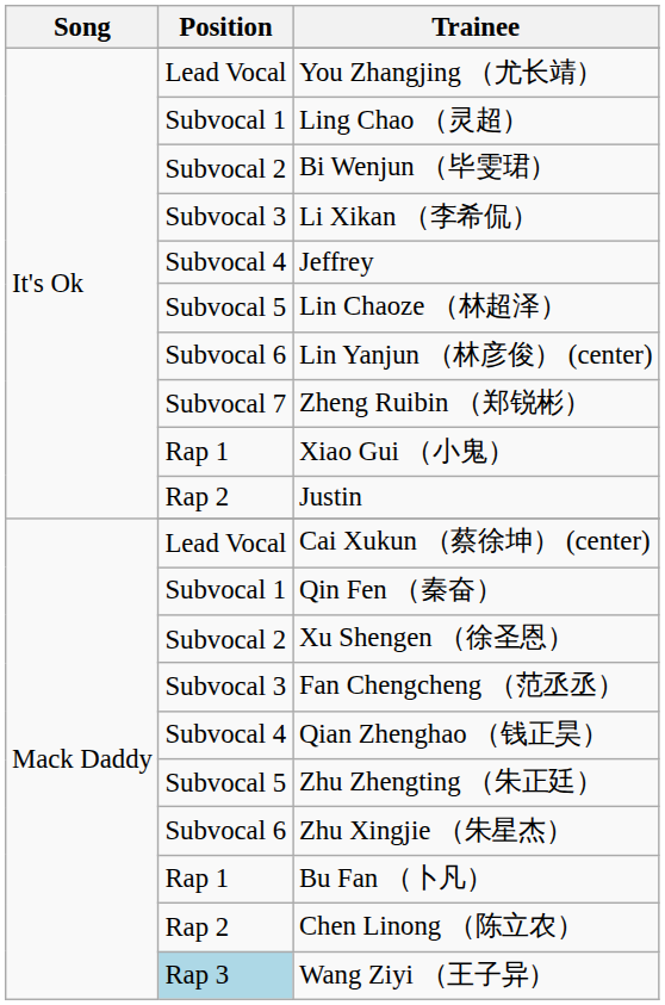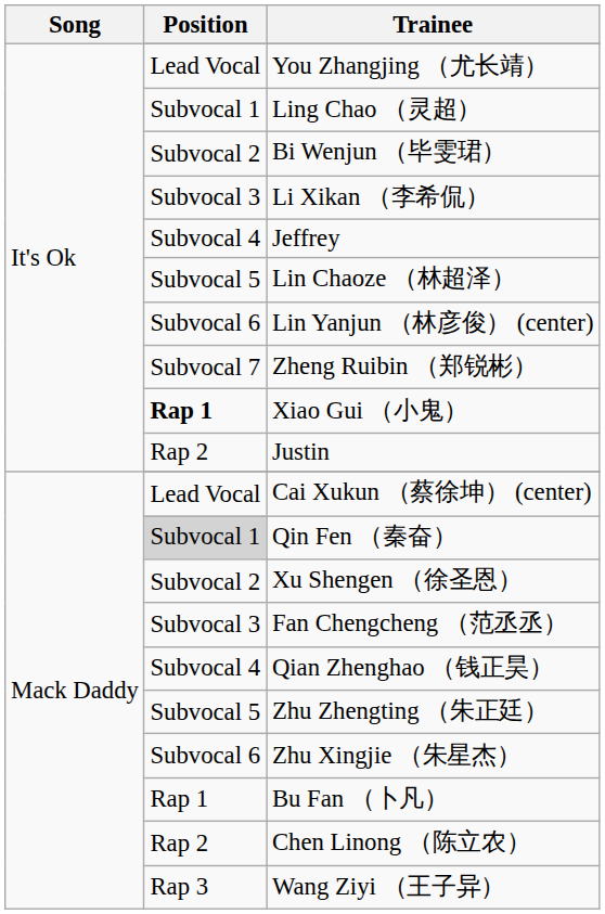 <table class="wikitable">
 <tr>
 <th>Song</th>
 <th>Position</th>
 <th>Trainee</th>
 </tr>
 <tr>
 <td rowspan="11">It's Ok</td>
 </tr>
 <tr>
 <td>Lead Vocal</td>
 <td>You Zhangjing （尤长靖）</td>
 </tr>
 <tr>
 <td>Subvocal 1</td>
 <td>Ling Chao （灵超）</td>
 </tr>
 <tr>
 <td>Subvocal 2</td>
 <td>Bi Wenjun （毕雯珺）</td>
 </tr>
 <tr>
 <td>Subvocal 3</td>
 <td>Li Xikan （李希侃）</td>
 </tr>
 <tr>
 <td>Subvocal 4</td>
 <td>Jeffrey</td>
 </tr>
 <tr>
 <td>Subvocal 5</td>
 <td>Lin Chaoze （林超泽）</td>
 </tr>
 <tr>
 <td>Subvocal 6</td>
 <td>Lin Yanjun （林彦俊） (center)</td>
 </tr>
 <tr>
 <td>Subvocal 7</td>
 <td>Zheng Ruibin （郑锐彬）</td>
 </tr>
 <tr>
-<td>Rap 1</td>
+<td><strong>Rap 1</strong></td>
 <td>Xiao Gui （小鬼）</td>
 </tr>
 <tr>
 <td>Rap 2</td>
 <td>Justin</td>
 </tr>
 <tr>
 <td rowspan="11">Mack Daddy</td>
 </tr>
 <tr>
 <td>Lead Vocal</td>
 <td>Cai Xukun （蔡徐坤） (center)</td>
 </tr>
 <tr>
-<td>Subvocal 1</td>
+<td style="background: lightgrey;">Subvocal 1</td>
 <td>Qin Fen （秦奋）</td>
 </tr>
 <tr>
 <td>Subvocal 2</td>
 <td>Xu Shengen （徐圣恩）</td>
 </tr>
 <tr>
 <td>Subvocal 3</td>
 <td>Fan Chengcheng （范丞丞）</td>
 </tr>
 <tr>
 <td>Subvocal 4</td>
 <td>Qian Zhenghao （钱正昊）</td>
 </tr>
 <tr>
 <td>Subvocal 5</td>
 <td>Zhu Zhengting （朱正廷）</td>
 </tr>
 <tr>
 <td>Subvocal 6</td>
 <td>Zhu Xingjie （朱星杰）</td>
 </tr>
 <tr>
 <td>Rap 1</td>
 <td>Bu Fan （卜凡）</td>
 </tr>
 <tr>
 <td>Rap 2</td>
 <td>Chen Linong （陈立农）</td>
 </tr>
 <tr>
-<td style="background: lightblue;">Rap 3</td>
+<td>Rap 3</td>
 <td>Wang Ziyi （王子异）</td>
 </tr>
 </table>
